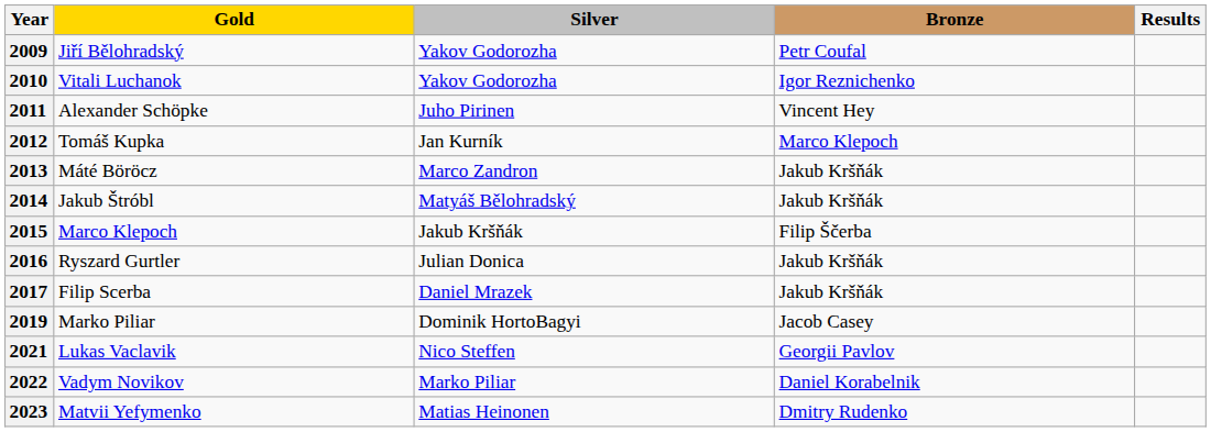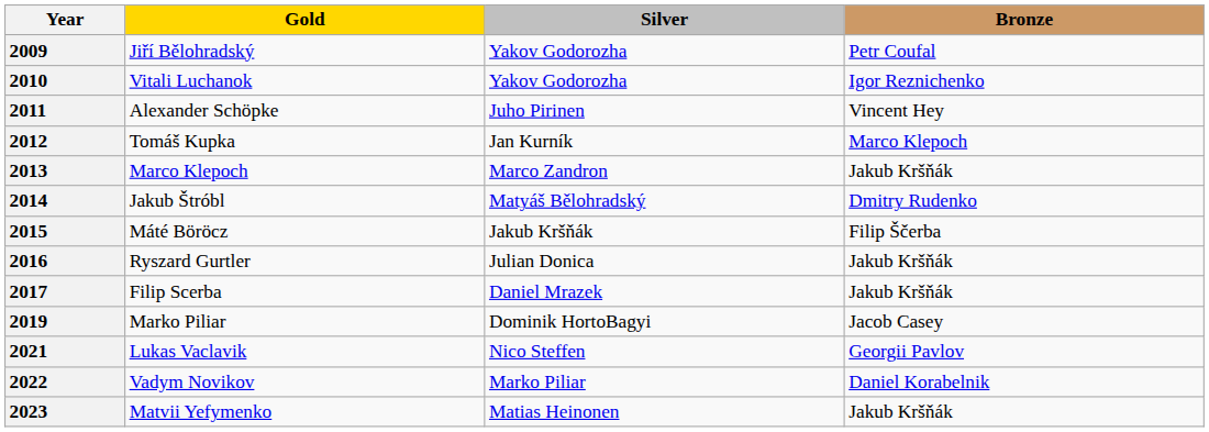 <table class="wikitable unsortable" style="text-align:left; width:80%;">
 <tr>
 <th scope="col" style="text-align:center;">Year</th>
 <td scope="col" style="text-align:center; width:30%; background:gold"><strong>Gold</strong></td>
 <td scope="col" style="text-align:center; width:30%; background:silver"><strong>Silver</strong></td>
 <td scope="col" style="text-align:center; width:30%; background:#c96"><strong>Bronze</strong></td>
-<th scope="col" style="text-align:center;">Results</th>
 </tr>
 <tr>
 <th scope="row" style="text-align:left">2009</th>
 <td> <a href='#'>Jiří Bělohradský</a></td>
 <td> <a href='#'>Yakov Godorozha</a></td>
 <td> <a href='#'>Petr Coufal</a></td>
-<td></td>
 </tr>
 <tr>
 <th scope="row" style="text-align:left">2010</th>
 <td> <a href='#'>Vitali Luchanok</a></td>
 <td> <a href='#'>Yakov Godorozha</a></td>
 <td> <a href='#'>Igor Reznichenko</a></td>
-<td></td>
 </tr>
 <tr>
 <th scope="row" style="text-align:left">2011</th>
 <td> Alexander Schöpke</td>
 <td> <a href='#'>Juho Pirinen</a></td>
 <td> Vincent Hey</td>
-<td></td>
 </tr>
 <tr>
 <th scope="row" style="text-align:left">2012</th>
 <td> Tomáš Kupka</td>
 <td> Jan Kurník</td>
 <td> <a href='#'>Marco Klepoch</a></td>
-<td></td>
 </tr>
 <tr>
 <th scope="row" style="text-align:left">2013</th>
-<td> Máté Böröcz</td>
+<td> <a href='#'>Marco Klepoch</a></td>
 <td> <a href='#'>Marco Zandron</a></td>
 <td> Jakub Kršňák</td>
-<td></td>
 </tr>
 <tr>
 <th scope="row" style="text-align:left">2014</th>
 <td> Jakub Štróbl</td>
 <td> <a href='#'>Matyáš Bělohradský</a></td>
-<td> Jakub Kršňák</td>
-<td></td>
+<td> <a href='#'>Dmitry Rudenko</a></td>
 </tr>
 <tr>
 <th scope="row" style="text-align:left">2015</th>
-<td> <a href='#'>Marco Klepoch</a></td>
+<td> Máté Böröcz</td>
 <td> Jakub Kršňák</td>
 <td> Filip Ščerba</td>
-<td></td>
 </tr>
 <tr>
 <th scope="row" style="text-align:left">2016</th>
 <td> Ryszard Gurtler</td>
 <td> Julian Donica</td>
 <td> Jakub Kršňák</td>
-<td></td>
 </tr>
 <tr>
 <th scope="row" style="text-align:left">2017</th>
 <td> Filip Scerba</td>
 <td> <a href='#'>Daniel Mrazek</a></td>
 <td> Jakub Kršňák</td>
-<td></td>
 </tr>
 <tr>
 <th scope="row" style="text-align:left">2019</th>
 <td> Marko Piliar</td>
 <td> Dominik HortoBagyi</td>
 <td> Jacob Casey</td>
-<td></td>
 </tr>
 <tr>
 <th scope="row" style="text-align:left">2021</th>
 <td> <a href='#'>Lukas Vaclavik</a></td>
 <td> <a href='#'>Nico Steffen</a></td>
 <td> <a href='#'>Georgii Pavlov</a></td>
-<td></td>
 </tr>
 <tr>
 <th scope="row" style="text-align:left">2022</th>
 <td> <a href='#'>Vadym Novikov</a></td>
 <td> <a href='#'>Marko Piliar</a></td>
 <td> <a href='#'>Daniel Korabelnik</a></td>
-<td></td>
 </tr>
 <tr>
 <th scope="row" style="text-align:left">2023</th>
 <td> <a href='#'>Matvii Yefymenko</a></td>
 <td> <a href='#'>Matias Heinonen</a></td>
-<td> <a href='#'>Dmitry Rudenko</a></td>
-<td></td>
+<td> Jakub Kršňák</td>
 </tr>
 </table>
